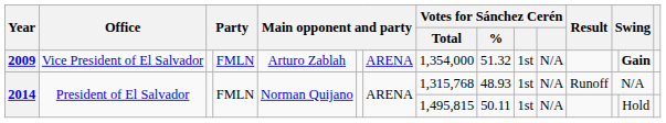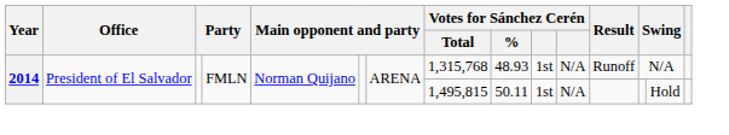 <table class="wikitable" style="font-size:90%; text-align:center;">
 <tr>
 <th rowspan="2">Year</th>
 <th rowspan="2">Office</th>
 <th colspan="2" rowspan="2">Party</th>
 <th colspan="3" rowspan="2">Main opponent and party</th>
 <th colspan="4">Votes for Sánchez Cerén</th>
 <th rowspan="2">Result</th>
 <th colspan="2" rowspan="2">Swing</th>
 <th rowspan="2"></th>
 </tr>
 <tr>
 <th>Total</th>
 <th>%</th>
 <th></th>
 <th></th>
-</tr>
-<tr>
-<th><a href='#'>2009</a></th>
-<td><a href='#'>Vice President of El Salvador</a></td>
-<td style="background-color:"></td>
-<td><a href='#'>FMLN</a></td>
-<td><a href='#'>Arturo Zablah</a></td>
-<td style="background-color:"></td>
-<td><a href='#'>ARENA</a></td>
-<td>1,354,000</td>
-<td>51.32</td>
-<td>1st</td>
-<td>N/A</td>
-<td></td>
-<td style="background-color:"></td>
-<td><strong>Gain</strong></td>
-<td></td>
 </tr>
 <tr>
 <th rowspan="2"><a href='#'>2014</a></th>
 <td rowspan="2"><a href='#'>President of El Salvador</a></td>
 <td rowspan="2" style="background-color:"></td>
 <td rowspan="2">FMLN</td>
 <td rowspan="2"><a href='#'>Norman Quijano</a></td>
 <td rowspan="2" style="background-color:"></td>
 <td rowspan="2">ARENA</td>
 <td>1,315,768</td>
 <td>48.93</td>
 <td>1st</td>
 <td>N/A</td>
 <td>Runoff</td>
 <td colspan="2">N/A</td>
 <td></td>
 </tr>
 <tr>
 <td>1,495,815</td>
 <td>50.11</td>
 <td>1st</td>
 <td>N/A</td>
 <td></td>
 <td style="background-color:"></td>
 <td>Hold</td>
 <td></td>
 </tr>
 </table>
